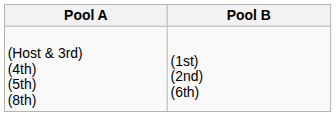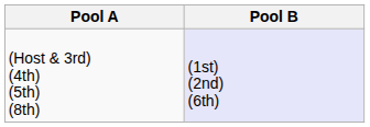 <table class="wikitable">
 <tr>
 <th width=25%>Pool A</th>
 <th width=25%>Pool B</th>
 </tr>
 <tr>
 <td><br> (Host & 3rd)<br>  (4th)<br>  (5th)<br>  (8th)</td>
-<td><br> (1st)<br>  (2nd)<br>  (6th)<br> </td>
+<td style="background: lavender;"><br> (1st)<br>  (2nd)<br>  (6th)<br> </td>
 </tr>
 </table>
